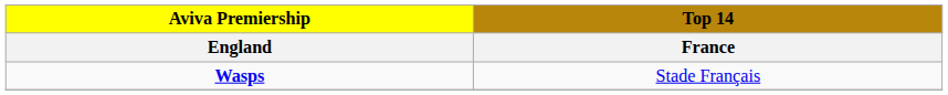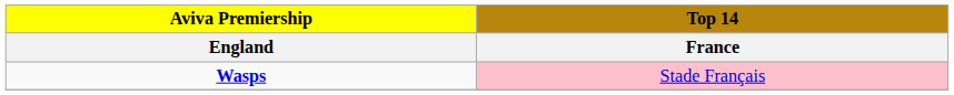 <table class="wikitable" style="margin: 1em auto 1em auto;">
 <tr>
 <th style="background: #ffff00;">Aviva Premiership</th>
 <th style="background: #b8860b;">Top 14</th>
 </tr>
 <tr>
 <th width=16%> England</th>
 <th width=16%> France</th>
 </tr>
 <tr>
 <td style="text-align: center;"><strong><a href='#'>Wasps</a></strong></td>
-<td style="text-align: center;"><a href='#'>Stade Français</a></td>
+<td style="background: pink; text-align: center;"><a href='#'>Stade Français</a></td>
 </tr>
 <tr valign=top>
 </tr>
 </table>
